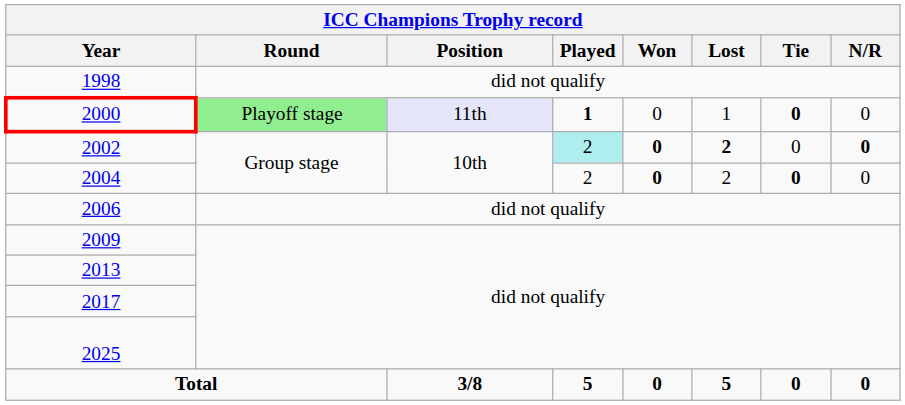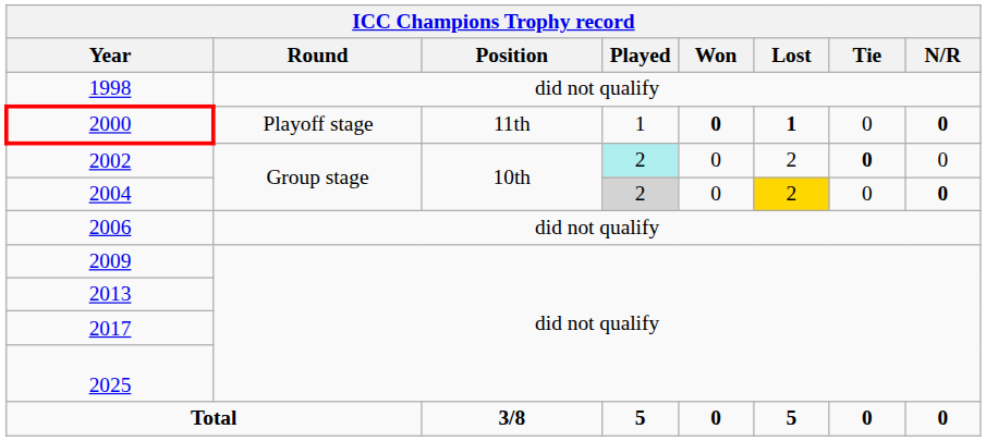 <table class="wikitable" style="text-align: center; width=800px;">
 <tr>
 <th colspan=9><a href='#'>ICC Champions Trophy record</a></th>
 </tr>
 <tr>
 <th width=150>Year</th>
 <th width=150>Round</th>
 <th width=130>Position</th>
 <th width=50>Played</th>
 <th width=50>Won</th>
 <th width=50>Lost</th>
 <th width=50>Tie</th>
 <th width=50>N/R</th>
 </tr>
 <tr>
 <td> <a href='#'>1998</a></td>
 <td colspan=7>did not qualify</td>
 </tr>
 <tr>
 <td style="border: 3px solid red"> <a href='#'>2000</a></td>
-<td style="background: lightgreen;">Playoff stage</td>
-<td style="background: lavender;">11th</td>
+<td>Playoff stage</td>
+<td>11th</td>
+<td>1</td>
+<td><strong>0</strong></td>
 <td><strong>1</strong></td>
 <td>0</td>
-<td>1</td>
 <td><strong>0</strong></td>
-<td>0</td>
 </tr>
 <tr>
 <td> <a href='#'>2002</a></td>
 <td rowspan=2>Group stage</td>
 <td rowspan=2>10th</td>
 <td style="background: paleturquoise;">2</td>
+<td>0</td>
+<td>2</td>
 <td><strong>0</strong></td>
-<td><strong>2</strong></td>
 <td>0</td>
-<td><strong>0</strong></td>
 </tr>
 <tr>
 <td> <a href='#'>2004</a></td>
-<td>2</td>
+<td style="background: lightgrey;">2</td>
+<td>0</td>
+<td style="background: gold;">2</td>
+<td>0</td>
 <td><strong>0</strong></td>
-<td>2</td>
-<td><strong>0</strong></td>
-<td>0</td>
 </tr>
 <tr>
 <td> <a href='#'>2006</a></td>
 <td colspan=7>did not qualify</td>
 </tr>
 <tr>
 <td> <a href='#'>2009</a></td>
 <td rowspan=4 colspan =7>did not qualify</td>
 </tr>
 <tr>
 <td>  <a href='#'>2013</a></td>
 </tr>
 <tr>
 <td>  <a href='#'>2017</a></td>
 </tr>
 <tr>
 <td><br> <a href='#'>2025</a></td>
 </tr>
 <tr>
 <td colspan = 2><strong>Total</strong></td>
 <td><strong>3/8</strong></td>
 <td><strong>5</strong></td>
 <td><strong>0</strong></td>
 <td><strong>5</strong></td>
 <td><strong>0</strong></td>
 <td><strong>0</strong></td>
 </tr>
 </table>
